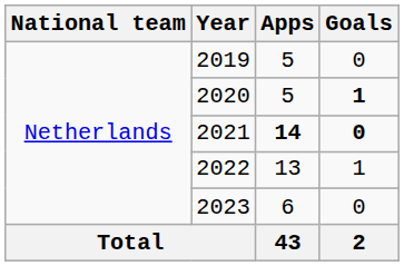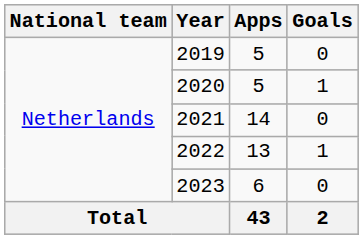 <table class="wikitable" style="text-align:center">
 <tr>
 <th>National team</th>
 <th>Year</th>
 <th>Apps</th>
 <th>Goals</th>
 </tr>
 <tr>
 <td rowspan="5"><a href='#'>Netherlands</a></td>
 <td>2019</td>
 <td>5</td>
 <td>0</td>
 </tr>
 <tr>
 <td>2020</td>
 <td>5</td>
-<td><strong>1</strong></td>
+<td>1</td>
 </tr>
 <tr>
 <td>2021</td>
-<td><strong>14</strong></td>
-<td><strong>0</strong></td>
+<td>14</td>
+<td>0</td>
 </tr>
 <tr>
 <td>2022</td>
 <td>13</td>
 <td>1</td>
 </tr>
 <tr>
 <td>2023</td>
 <td>6</td>
 <td>0</td>
 </tr>
 <tr>
 <th colspan="2">Total</th>
 <th>43</th>
 <th>2</th>
 </tr>
 </table>
